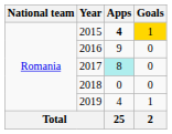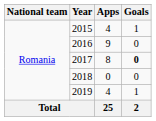 <table class="wikitable" style="text-align:center">
 <tr>
 <th>National team</th>
 <th>Year</th>
 <th>Apps</th>
 <th>Goals</th>
 </tr>
 <tr>
 <td rowspan="5"><a href='#'>Romania</a></td>
 <td>2015</td>
-<td><strong>4</strong></td>
-<td style="background: gold;">1</td>
+<td>4</td>
+<td>1</td>
 </tr>
 <tr>
 <td>2016</td>
 <td>9</td>
 <td>0</td>
 </tr>
 <tr>
 <td>2017</td>
-<td style="background: paleturquoise;">8</td>
-<td>0</td>
+<td>8</td>
+<td><strong>0</strong></td>
 </tr>
 <tr>
 <td>2018</td>
 <td>0</td>
 <td>0</td>
 </tr>
 <tr>
 <td>2019</td>
 <td>4</td>
 <td>1</td>
 </tr>
 <tr>
 <th colspan="2">Total</th>
 <th>25</th>
 <th>2</th>
 </tr>
 </table>
